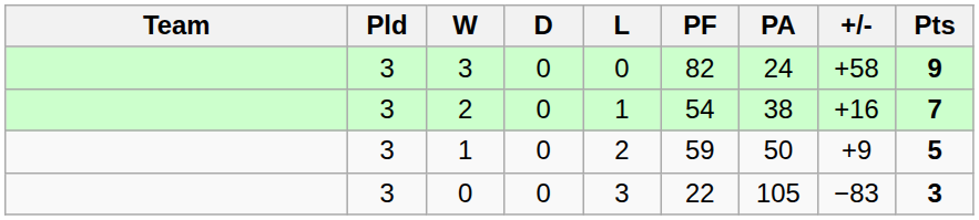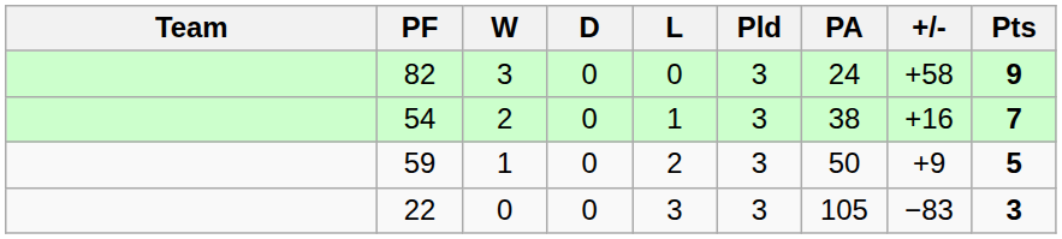 <table class="wikitable" style="text-align: center;">
 <tr>
 <th width="200">Team</th>
-<th width="40">Pld</th>
+<th width="40">PF</th>
 <th width="40">W</th>
 <th width="40">D</th>
 <th width="40">L</th>
-<th width="40">PF</th>
+<th width="40">Pld</th>
 <th width="40">PA</th>
 <th width="40">+/-</th>
 <th width="40">Pts</th>
 </tr>
 <tr style="background-color:#ccffcc">
 <td style="text-align:left;"></td>
-<td>3</td>
+<td>82</td>
 <td>3</td>
 <td>0</td>
 <td>0</td>
-<td>82</td>
+<td>3</td>
 <td>24</td>
 <td>+58</td>
 <td><strong>9</strong></td>
 </tr>
 <tr style="background-color:#ccffcc">
 <td style="text-align:left;"></td>
-<td>3</td>
+<td>54</td>
 <td>2</td>
 <td>0</td>
 <td>1</td>
-<td>54</td>
+<td>3</td>
 <td>38</td>
 <td>+16</td>
 <td><strong>7</strong></td>
 </tr>
 <tr>
 <td style="text-align:left;"></td>
-<td>3</td>
+<td>59</td>
 <td>1</td>
 <td>0</td>
 <td>2</td>
-<td>59</td>
+<td>3</td>
 <td>50</td>
 <td>+9</td>
 <td><strong>5</strong></td>
 </tr>
 <tr>
 <td style="text-align:left;"></td>
-<td>3</td>
+<td>22</td>
 <td>0</td>
 <td>0</td>
 <td>3</td>
-<td>22</td>
+<td>3</td>
 <td>105</td>
 <td>−83</td>
 <td><strong>3</strong></td>
 </tr>
 </table>
